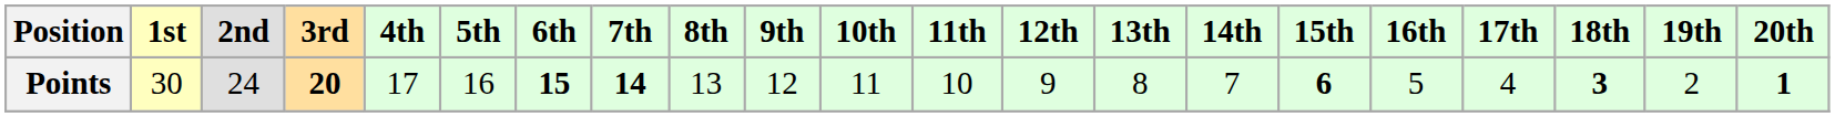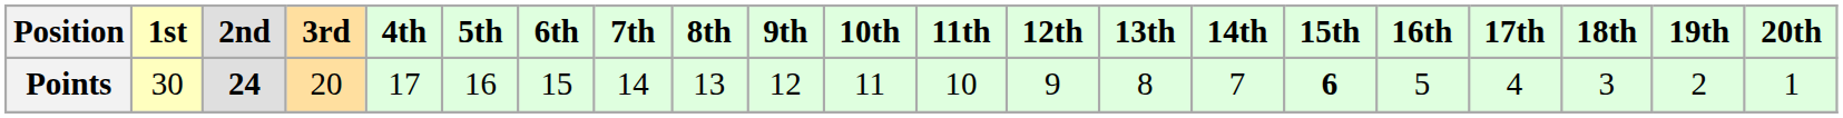 <table class="wikitable" style="font-size:85%; text-align:center">
 <tr>
 <th>Position</th>
 <td style="background:#ffffbf;"> <strong>1st</strong> </td>
 <td style="background:#dfdfdf;"> <strong>2nd</strong> </td>
 <td style="background:#ffdf9f;"> <strong>3rd</strong> </td>
 <td style="background:#dfffdf;"> <strong>4th</strong> </td>
 <td style="background:#dfffdf;"> <strong>5th</strong> </td>
 <td style="background:#dfffdf;"> <strong>6th</strong> </td>
 <td style="background:#dfffdf;"> <strong>7th</strong> </td>
 <td style="background:#dfffdf;"> <strong>8th</strong> </td>
 <td style="background:#dfffdf;"> <strong>9th</strong> </td>
 <td style="background:#dfffdf;"> <strong>10th</strong> </td>
 <td style="background:#dfffdf;"> <strong>11th</strong> </td>
 <td style="background:#dfffdf;"> <strong>12th</strong> </td>
 <td style="background:#dfffdf;"> <strong>13th</strong> </td>
 <td style="background:#dfffdf;"> <strong>14th</strong> </td>
 <td style="background:#dfffdf;"> <strong>15th</strong> </td>
 <td style="background:#dfffdf;"> <strong>16th</strong> </td>
 <td style="background:#dfffdf;"> <strong>17th</strong> </td>
 <td style="background:#dfffdf;"> <strong>18th</strong> </td>
 <td style="background:#dfffdf;"> <strong>19th</strong> </td>
 <td style="background:#dfffdf;"> <strong>20th</strong> </td>
 </tr>
 <tr>
 <th>Points</th>
 <td style="background:#ffffbf;">30</td>
-<td style="background:#dfdfdf;">24</td>
-<td style="background:#ffdf9f;"><strong>20</strong></td>
+<td style="background:#dfdfdf;"><strong>24</strong></td>
+<td style="background:#ffdf9f;">20</td>
 <td style="background:#dfffdf;">17</td>
 <td style="background:#dfffdf;">16</td>
-<td style="background:#dfffdf;"><strong>15</strong></td>
-<td style="background:#dfffdf;"><strong>14</strong></td>
+<td style="background:#dfffdf;">15</td>
+<td style="background:#dfffdf;">14</td>
 <td style="background:#dfffdf;">13</td>
 <td style="background:#dfffdf;">12</td>
 <td style="background:#dfffdf;">11</td>
 <td style="background:#dfffdf;">10</td>
 <td style="background:#dfffdf;">9</td>
 <td style="background:#dfffdf;">8</td>
 <td style="background:#dfffdf;">7</td>
 <td style="background:#dfffdf;"><strong>6</strong></td>
 <td style="background:#dfffdf;">5</td>
 <td style="background:#dfffdf;">4</td>
-<td style="background:#dfffdf;"><strong>3</strong></td>
+<td style="background:#dfffdf;">3</td>
 <td style="background:#dfffdf;">2</td>
-<td style="background:#dfffdf;"><strong>1</strong></td>
+<td style="background:#dfffdf;">1</td>
 </tr>
 <tr>
 </tr>
 </table>
